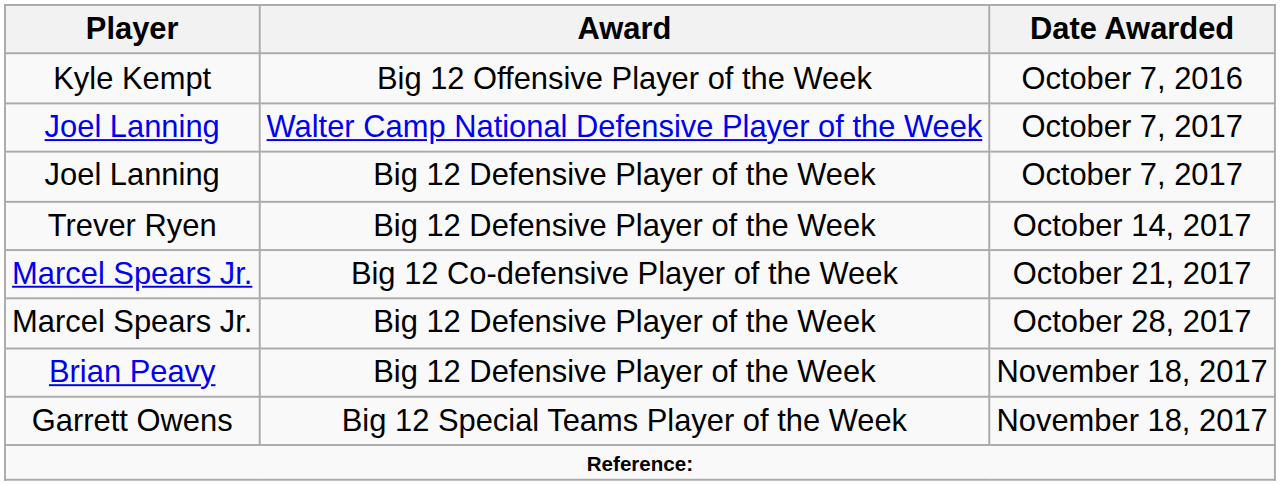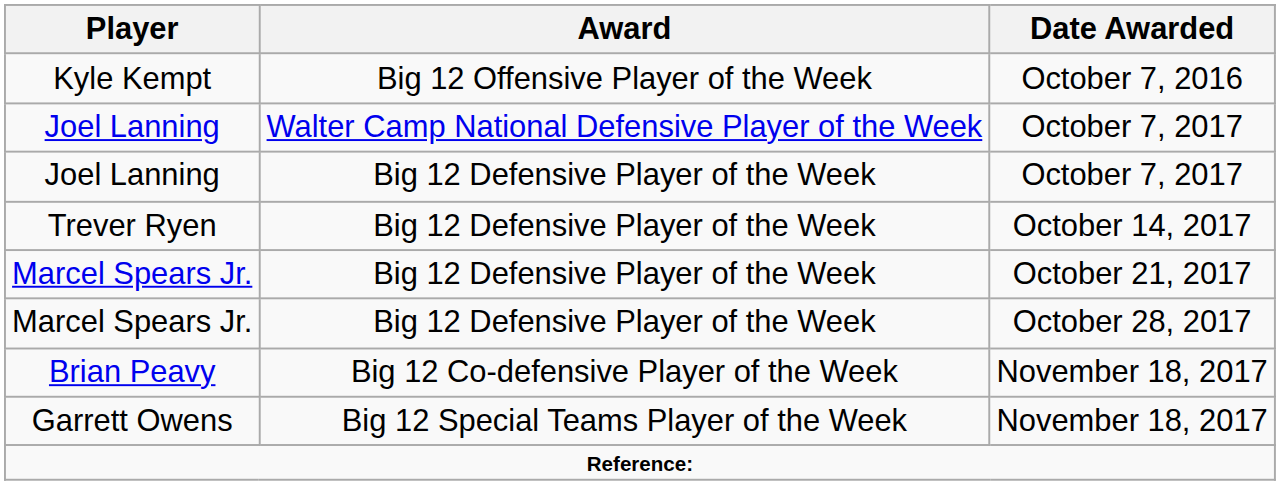 <table class="wikitable" style="text-align: center">
 <tr align=center>
 <th>Player</th>
 <th>Award</th>
 <th>Date Awarded</th>
 </tr>
 <tr>
 <td>Kyle Kempt</td>
 <td>Big 12 Offensive Player of the Week</td>
 <td>October 7, 2016</td>
 </tr>
 <tr>
 <td><a href='#'>Joel Lanning</a></td>
 <td><a href='#'>Walter Camp National Defensive Player of the Week</a></td>
 <td>October 7, 2017</td>
 </tr>
 <tr>
 <td>Joel Lanning</td>
 <td>Big 12 Defensive Player of the Week</td>
 <td>October 7, 2017</td>
 </tr>
 <tr>
 <td>Trever Ryen</td>
 <td>Big 12 Defensive Player of the Week</td>
 <td>October 14, 2017</td>
 </tr>
 <tr>
 <td><a href='#'>Marcel Spears Jr.</a></td>
-<td>Big 12 Co-defensive Player of the Week</td>
+<td>Big 12 Defensive Player of the Week</td>
 <td>October 21, 2017</td>
 </tr>
 <tr>
 <td>Marcel Spears Jr.</td>
 <td>Big 12 Defensive Player of the Week</td>
 <td>October 28, 2017</td>
 </tr>
 <tr>
 <td><a href='#'>Brian Peavy</a></td>
-<td>Big 12 Defensive Player of the Week</td>
+<td>Big 12 Co-defensive Player of the Week</td>
 <td>November 18, 2017</td>
 </tr>
 <tr>
 <td>Garrett Owens</td>
 <td>Big 12 Special Teams Player of the Week</td>
 <td>November 18, 2017</td>
 </tr>
 <tr>
 <td colspan="3"  style="font-size:8pt; text-align:center;"><strong>Reference:</strong></td>
 </tr>
 </table>
